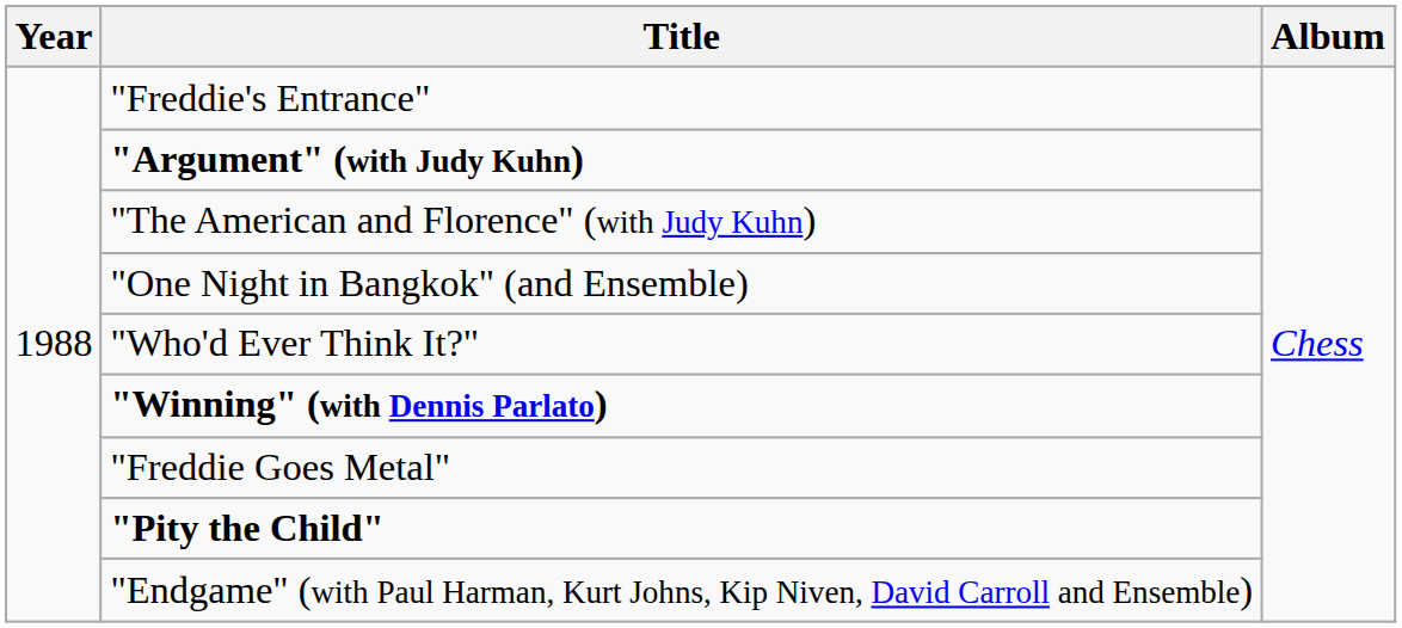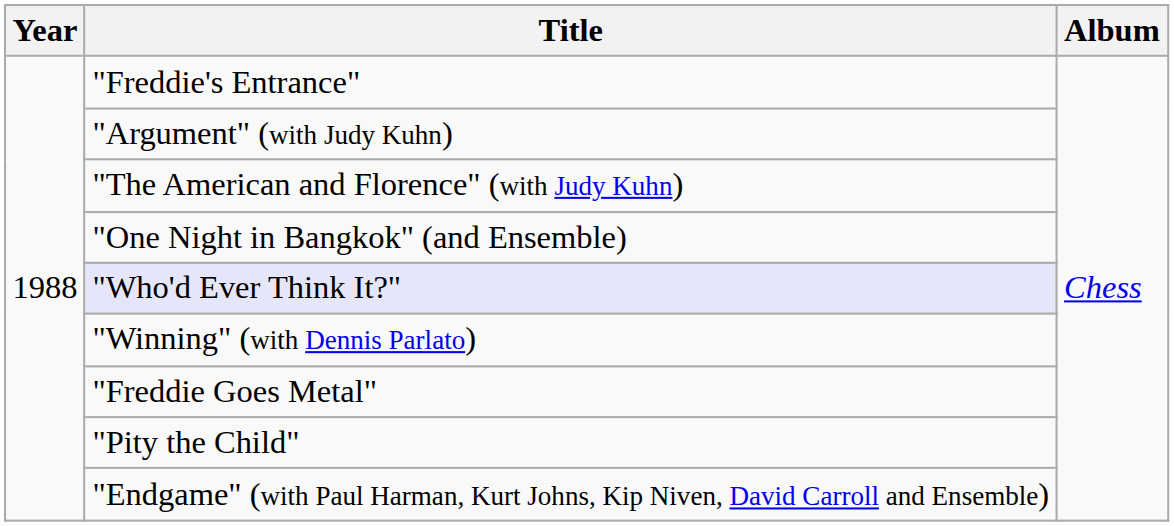 <table class="wikitable">
 <tr>
 <th>Year</th>
 <th>Title</th>
 <th>Album</th>
 </tr>
 <tr>
 <td rowspan="9">1988</td>
 <td>"Freddie's Entrance"</td>
 <td rowspan="9"><em><a href='#'>Chess</a></em></td>
 </tr>
 <tr>
-<td><strong>"Argument" (<small>with Judy Kuhn</small>)</strong></td>
+<td>"Argument" (<small>with Judy Kuhn</small>)</td>
 </tr>
 <tr>
 <td>"The American and Florence" (<small>with <a href='#'>Judy Kuhn</a></small>)</td>
 </tr>
 <tr>
 <td>"One Night in Bangkok" (and Ensemble)</td>
 </tr>
 <tr>
-<td>"Who'd Ever Think It?"</td>
+<td style="background: lavender;">"Who'd Ever Think It?"</td>
 </tr>
 <tr>
-<td><strong>"Winning" (<small>with <a href='#'>Dennis Parlato</a></small>)</strong></td>
+<td>"Winning" (<small>with <a href='#'>Dennis Parlato</a></small>)</td>
 </tr>
 <tr>
 <td>"Freddie Goes Metal"</td>
 </tr>
 <tr>
-<td><strong>"Pity the Child"</strong></td>
+<td>"Pity the Child"</td>
 </tr>
 <tr>
 <td>"Endgame" (<small>with Paul Harman, Kurt Johns, Kip Niven, <a href='#'>David Carroll</a> and Ensemble</small>)</td>
 </tr>
 </table>
